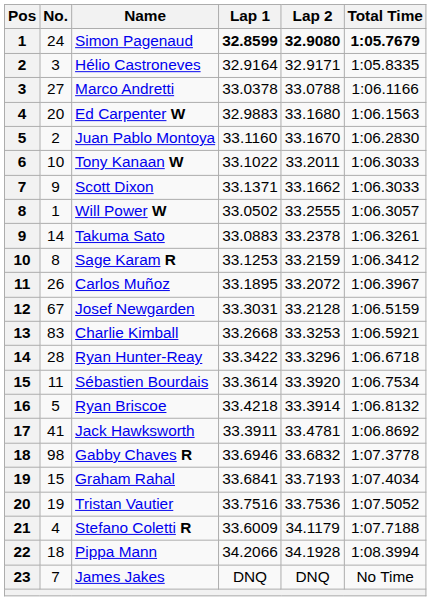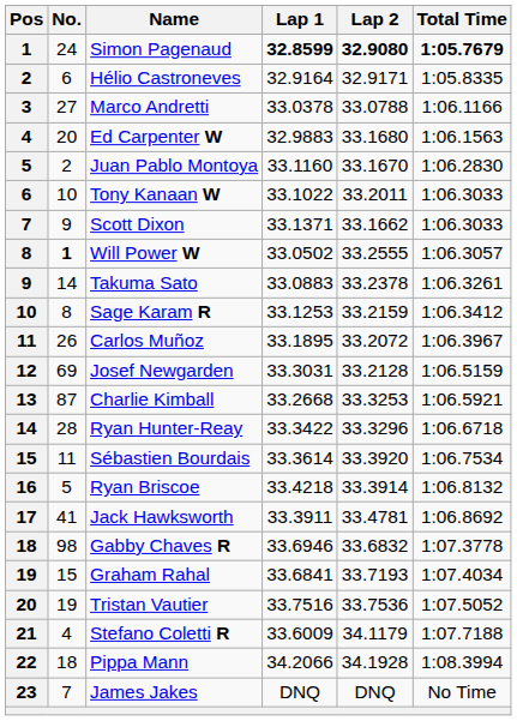 <table class="wikitable sortable" " style="fontsize:95%">
 <tr>
 <th>Pos</th>
 <th>No.</th>
 <th>Name</th>
 <th>Lap 1</th>
 <th>Lap 2</th>
 <th>Total Time</th>
 </tr>
 <tr>
 <th scope="row">1</th>
 <td align=center>24</td>
 <td> <a href='#'>Simon Pagenaud</a></td>
 <td style="text-align:center;"><strong>32.8599</strong></td>
 <td style="text-align:center;"><strong>32.9080</strong></td>
 <td style="text-align:center;"><strong>1:05.7679</strong></td>
 </tr>
 <tr>
 <th scope="row">2</th>
-<td align=center>3</td>
+<td align=center>6</td>
 <td> <a href='#'>Hélio Castroneves</a></td>
 <td style="text-align:center;">32.9164</td>
 <td style="text-align:center;">32.9171</td>
 <td style="text-align:center;">1:05.8335</td>
 </tr>
 <tr>
 <th scope="row">3</th>
 <td align=center>27</td>
 <td> <a href='#'>Marco Andretti</a></td>
 <td style="text-align:center;">33.0378</td>
 <td style="text-align:center;">33.0788</td>
 <td style="text-align:center;">1:06.1166</td>
 </tr>
 <tr>
 <th scope="row">4</th>
 <td align=center>20</td>
 <td> <a href='#'>Ed Carpenter</a> <strong><span>W</span></strong></td>
 <td style="text-align:center;">32.9883</td>
 <td style="text-align:center;">33.1680</td>
 <td style="text-align:center;">1:06.1563</td>
 </tr>
 <tr>
 <th scope="row">5</th>
 <td align=center>2</td>
 <td> <a href='#'>Juan Pablo Montoya</a></td>
 <td style="text-align:center;">33.1160</td>
 <td style="text-align:center;">33.1670</td>
 <td style="text-align:center;">1:06.2830</td>
 </tr>
 <tr>
 <th scope="row">6</th>
 <td align=center>10</td>
 <td> <a href='#'>Tony Kanaan</a> <strong><span>W</span></strong></td>
 <td style="text-align:center;">33.1022</td>
 <td style="text-align:center;">33.2011</td>
 <td style="text-align:center;">1:06.3033</td>
 </tr>
 <tr>
 <th scope="row">7</th>
 <td align=center>9</td>
 <td> <a href='#'>Scott Dixon</a></td>
 <td style="text-align:center;">33.1371</td>
 <td style="text-align:center;">33.1662</td>
 <td style="text-align:center;">1:06.3033</td>
 </tr>
 <tr>
 <th scope="row">8</th>
-<td align=center>1</td>
+<td align=center><strong>1</strong></td>
 <td> <a href='#'>Will Power</a> <strong><span>W</span></strong></td>
 <td style="text-align:center;">33.0502</td>
 <td style="text-align:center;">33.2555</td>
 <td style="text-align:center;">1:06.3057</td>
 </tr>
 <tr>
 <th scope="row">9</th>
 <td align=center>14</td>
 <td> <a href='#'>Takuma Sato</a></td>
 <td style="text-align:center;">33.0883</td>
 <td style="text-align:center;">33.2378</td>
 <td style="text-align:center;">1:06.3261</td>
 </tr>
 <tr>
 <th scope="row">10</th>
 <td align=center>8</td>
 <td> <a href='#'>Sage Karam</a> <strong><span>R</span></strong></td>
 <td style="text-align:center;">33.1253</td>
 <td style="text-align:center;">33.2159</td>
 <td style="text-align:center;">1:06.3412</td>
 </tr>
 <tr>
 <th scope="row">11</th>
 <td align=center>26</td>
 <td> <a href='#'>Carlos Muñoz</a></td>
 <td style="text-align:center;">33.1895</td>
 <td style="text-align:center;">33.2072</td>
 <td style="text-align:center;">1:06.3967</td>
 </tr>
 <tr>
 <th scope="row">12</th>
-<td align=center>67</td>
+<td align=center>69</td>
 <td> <a href='#'>Josef Newgarden</a></td>
 <td style="text-align:center;">33.3031</td>
 <td style="text-align:center;">33.2128</td>
 <td style="text-align:center;">1:06.5159</td>
 </tr>
 <tr>
 <th scope="row">13</th>
-<td align=center>83</td>
+<td align=center>87</td>
 <td> <a href='#'>Charlie Kimball</a></td>
 <td style="text-align:center;">33.2668</td>
 <td style="text-align:center;">33.3253</td>
 <td style="text-align:center;">1:06.5921</td>
 </tr>
 <tr>
 <th scope="row">14</th>
 <td align=center>28</td>
 <td> <a href='#'>Ryan Hunter-Reay</a></td>
 <td style="text-align:center;">33.3422</td>
 <td style="text-align:center;">33.3296</td>
 <td style="text-align:center;">1:06.6718</td>
 </tr>
 <tr>
 <th scope="row">15</th>
 <td align=center>11</td>
 <td> <a href='#'>Sébastien Bourdais</a></td>
 <td style="text-align:center;">33.3614</td>
 <td style="text-align:center;">33.3920</td>
 <td style="text-align:center;">1:06.7534</td>
 </tr>
 <tr>
 <th scope="row">16</th>
 <td align=center>5</td>
 <td> <a href='#'>Ryan Briscoe</a></td>
 <td style="text-align:center;">33.4218</td>
 <td style="text-align:center;">33.3914</td>
 <td style="text-align:center;">1:06.8132</td>
 </tr>
 <tr>
 <th scope="row">17</th>
 <td align=center>41</td>
 <td> <a href='#'>Jack Hawksworth</a></td>
 <td style="text-align:center;">33.3911</td>
 <td style="text-align:center;">33.4781</td>
 <td style="text-align:center;">1:06.8692</td>
 </tr>
 <tr>
 <th scope="row">18</th>
 <td align=center>98</td>
 <td> <a href='#'>Gabby Chaves</a> <strong><span>R</span></strong></td>
 <td style="text-align:center;">33.6946</td>
 <td style="text-align:center;">33.6832</td>
 <td style="text-align:center;">1:07.3778</td>
 </tr>
 <tr>
 <th scope="row">19</th>
 <td align=center>15</td>
 <td> <a href='#'>Graham Rahal</a></td>
 <td style="text-align:center;">33.6841</td>
 <td style="text-align:center;">33.7193</td>
 <td style="text-align:center;">1:07.4034</td>
 </tr>
 <tr>
 <th scope="row">20</th>
 <td align=center>19</td>
 <td> <a href='#'>Tristan Vautier</a></td>
 <td style="text-align:center;">33.7516</td>
 <td style="text-align:center;">33.7536</td>
 <td style="text-align:center;">1:07.5052</td>
 </tr>
 <tr>
 <th scope="row">21</th>
 <td align=center>4</td>
 <td> <a href='#'>Stefano Coletti</a> <strong><span>R</span></strong></td>
 <td style="text-align:center;">33.6009</td>
 <td style="text-align:center;">34.1179</td>
 <td style="text-align:center;">1:07.7188</td>
 </tr>
 <tr>
 <th scope="row">22</th>
 <td align=center>18</td>
 <td> <a href='#'>Pippa Mann</a></td>
 <td style="text-align:center;">34.2066</td>
 <td style="text-align:center;">34.1928</td>
 <td style="text-align:center;">1:08.3994</td>
 </tr>
 <tr>
 <th scope="row">23</th>
 <td align=center>7</td>
 <td> <a href='#'>James Jakes</a></td>
 <td style="text-align:center;">DNQ</td>
 <td style="text-align:center;">DNQ</td>
 <td style="text-align:center;">No Time</td>
 </tr>
 <tr>
 <th colspan="11" style="text-align:center;"></th>
 </tr>
 </table>
